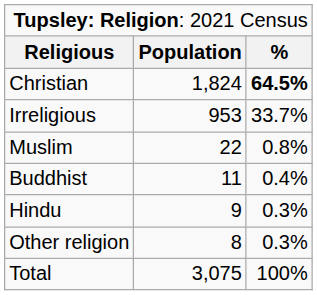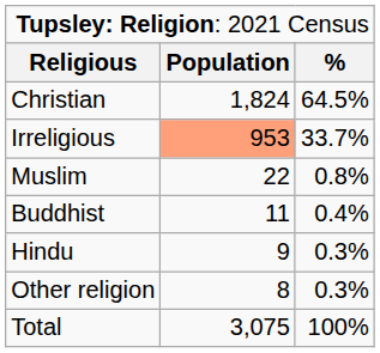 <table class="wikitable">
 <tr>
 <td colspan="14" style="text-align:right;"><strong>Tupsley: Religion</strong>: 2021 Census</td>
 </tr>
 <tr>
 <th>Religious</th>
 <th>Population</th>
 <th>%</th>
 </tr>
 <tr>
 <td>Christian</td>
 <td style="text-align:right;">1,824</td>
-<td style="text-align:right;"><strong>64.5%</strong></td>
+<td style="text-align:right;">64.5%</td>
 </tr>
 <tr>
 <td>Irreligious</td>
-<td style="text-align:right;">953</td>
+<td style="background: lightsalmon; text-align:right;">953</td>
 <td style="text-align:right;">33.7%</td>
 </tr>
 <tr>
 <td>Muslim</td>
 <td style="text-align:right;">22</td>
 <td style="text-align:right;">0.8%</td>
 </tr>
 <tr>
 <td>Buddhist</td>
 <td style="text-align:right;">11</td>
 <td style="text-align:right;">0.4%</td>
 </tr>
 <tr>
 <td>Hindu</td>
 <td style="text-align:right;">9</td>
 <td style="text-align:right;">0.3%</td>
 </tr>
 <tr>
 <td>Other religion</td>
 <td style="text-align:right;">8</td>
 <td style="text-align:right;">0.3%</td>
 </tr>
 <tr>
 <td>Total</td>
 <td style="text-align:right;">3,075</td>
 <td style="text-align:right;">100%</td>
 </tr>
 </table>
